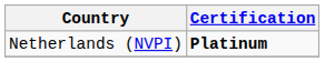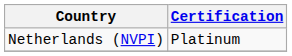 <table class="wikitable" border="1">
 <tr>
 <th>Country</th>
 <th><a href='#'>Certification</a></th>
 </tr>
 <tr>
 <td>Netherlands (<a href='#'>NVPI</a>)</td>
-<td><strong>Platinum</strong></td>
+<td>Platinum</td>
 </tr>
 <tr>
 </tr>
 </table>
